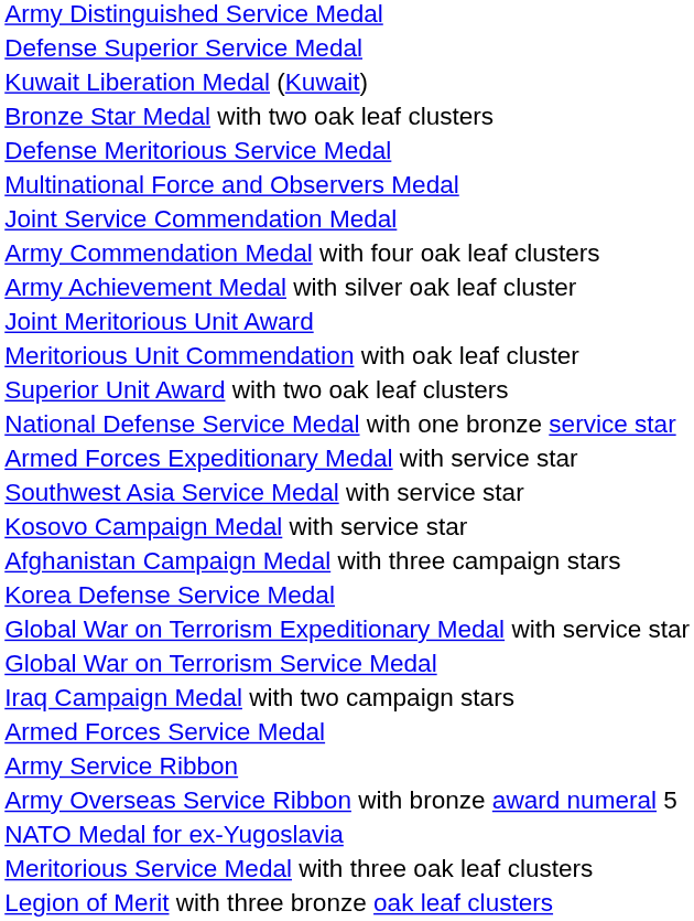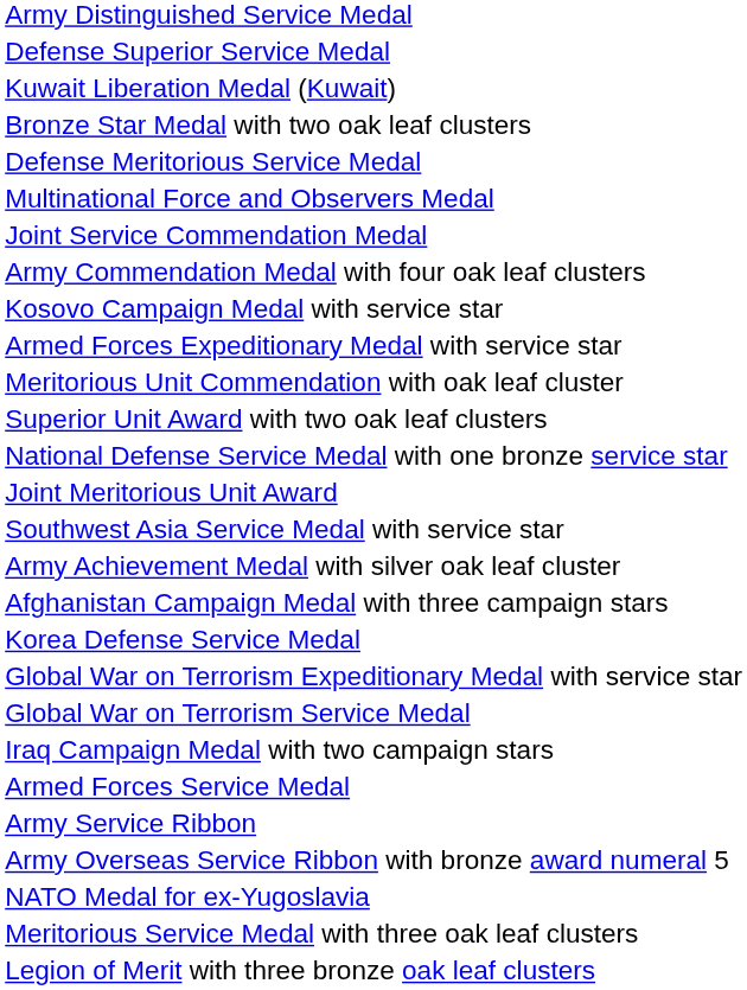 <table>
 <tr>
 <td> <a href='#'>Army Distinguished Service Medal</a></td>
 </tr>
 <tr>
 <td> <a href='#'>Defense Superior Service Medal</a></td>
 </tr>
 <tr>
 <td> <a href='#'>Kuwait Liberation Medal</a> (<a href='#'>Kuwait</a>)</td>
 </tr>
 <tr>
 <td><span></span><span></span> <a href='#'>Bronze Star Medal</a> with two oak leaf clusters</td>
 </tr>
 <tr>
 <td> <a href='#'>Defense Meritorious Service Medal</a></td>
 </tr>
 <tr>
 <td> <a href='#'>Multinational Force and Observers Medal</a></td>
 </tr>
 <tr>
 <td> <a href='#'>Joint Service Commendation Medal</a></td>
 </tr>
 <tr>
 <td><span></span><span></span><span></span><span></span> <a href='#'>Army Commendation Medal</a> with four oak leaf clusters</td>
 </tr>
 <tr>
-<td> <a href='#'>Army Achievement Medal</a> with silver oak leaf cluster</td>
+<td> <a href='#'>Kosovo Campaign Medal</a> with service star</td>
 </tr>
 <tr>
-<td> <a href='#'>Joint Meritorious Unit Award</a></td>
+<td> <a href='#'>Armed Forces Expeditionary Medal</a> with service star</td>
 </tr>
 <tr>
 <td> <a href='#'>Meritorious Unit Commendation</a> with oak leaf cluster</td>
 </tr>
 <tr>
 <td><span></span><span></span> <a href='#'>Superior Unit Award</a> with two oak leaf clusters</td>
 </tr>
 <tr>
 <td> <a href='#'>National Defense Service Medal</a> with one bronze <a href='#'>service star</a></td>
 </tr>
 <tr>
-<td> <a href='#'>Armed Forces Expeditionary Medal</a> with service star</td>
+<td> <a href='#'>Joint Meritorious Unit Award</a></td>
 </tr>
 <tr>
 <td> <a href='#'>Southwest Asia Service Medal</a> with service star</td>
 </tr>
 <tr>
-<td> <a href='#'>Kosovo Campaign Medal</a> with service star</td>
+<td> <a href='#'>Army Achievement Medal</a> with silver oak leaf cluster</td>
 </tr>
 <tr>
 <td><span></span><span></span><span></span> <a href='#'>Afghanistan Campaign Medal</a> with three campaign stars</td>
 </tr>
 <tr>
 <td> <a href='#'>Korea Defense Service Medal</a></td>
 </tr>
 <tr>
 <td> <a href='#'>Global War on Terrorism Expeditionary Medal</a> with service star</td>
 </tr>
 <tr>
 <td> <a href='#'>Global War on Terrorism Service Medal</a></td>
 </tr>
 <tr>
 <td><span></span><span></span> <a href='#'>Iraq Campaign Medal</a> with two campaign stars</td>
 </tr>
 <tr>
 <td> <a href='#'>Armed Forces Service Medal</a></td>
 </tr>
 <tr>
 <td> <a href='#'>Army Service Ribbon</a></td>
 </tr>
 <tr>
 <td><span></span> <a href='#'>Army Overseas Service Ribbon</a> with bronze <a href='#'>award numeral</a> 5</td>
 </tr>
 <tr>
 <td> <a href='#'>NATO Medal for ex-Yugoslavia</a></td>
 </tr>
 <tr>
 <td><span></span><span></span><span></span> <a href='#'>Meritorious Service Medal</a> with three oak leaf clusters</td>
 </tr>
 <tr>
 <td><span></span><span></span><span></span> <a href='#'>Legion of Merit</a> with three bronze <a href='#'>oak leaf clusters</a></td>
 </tr>
 </table>
